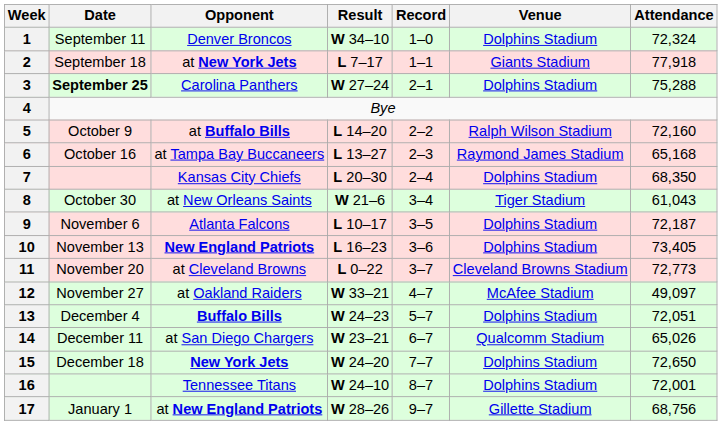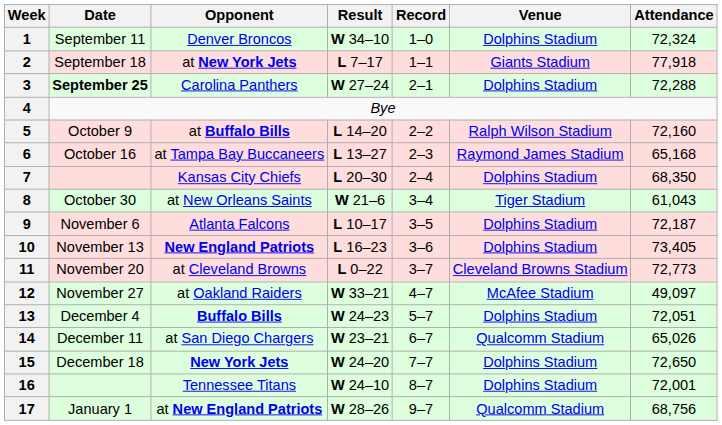 <table class="wikitable" style="text-align:center">
 <tr>
 <th>Week</th>
 <th>Date</th>
 <th>Opponent</th>
 <th>Result</th>
 <th>Record</th>
 <th>Venue</th>
 <th>Attendance</th>
 </tr>
 <tr style="background: #ddffdd;">
 <th>1</th>
 <td>September 11</td>
 <td><a href='#'>Denver Broncos</a></td>
 <td><strong>W</strong> 34–10</td>
 <td>1–0</td>
 <td><a href='#'>Dolphins Stadium</a></td>
 <td>72,324</td>
 </tr>
 <tr style="background: #ffdddd;">
 <th>2</th>
 <td>September 18</td>
 <td>at <strong><a href='#'>New York Jets</a></strong></td>
 <td><strong>L</strong> 7–17</td>
 <td>1–1</td>
 <td><a href='#'>Giants Stadium</a></td>
 <td>77,918</td>
 </tr>
 <tr style="background: #ddffdd;">
 <th>3</th>
 <td><strong>September 25</strong></td>
 <td><a href='#'>Carolina Panthers</a></td>
 <td><strong>W</strong> 27–24</td>
 <td>2–1</td>
 <td><a href='#'>Dolphins Stadium</a></td>
-<td>75,288</td>
+<td>72,288</td>
 </tr>
 <tr>
 <th>4</th>
 <td colspan=6 align="center"><em>Bye</em></td>
 </tr>
 <tr style="background: #ffdddd;">
 <th>5</th>
 <td>October 9</td>
 <td>at <strong><a href='#'>Buffalo Bills</a></strong></td>
 <td><strong>L</strong> 14–20</td>
 <td>2–2</td>
 <td><a href='#'>Ralph Wilson Stadium</a></td>
 <td>72,160</td>
 </tr>
 <tr style="background: #ffdddd;">
 <th>6</th>
 <td>October 16</td>
 <td>at <a href='#'>Tampa Bay Buccaneers</a></td>
 <td><strong>L</strong> 13–27</td>
 <td>2–3</td>
 <td><a href='#'>Raymond James Stadium</a></td>
 <td>65,168</td>
 </tr>
 <tr style="background: #ffdddd;">
 <th>7</th>
 <td></td>
 <td><a href='#'>Kansas City Chiefs</a></td>
 <td><strong>L</strong> 20–30</td>
 <td>2–4</td>
 <td><a href='#'>Dolphins Stadium</a></td>
 <td>68,350</td>
 </tr>
 <tr style="background: #ddffdd;">
 <th>8</th>
 <td>October 30</td>
 <td>at <a href='#'>New Orleans Saints</a></td>
 <td><strong>W</strong> 21–6</td>
 <td>3–4</td>
 <td><a href='#'>Tiger Stadium</a></td>
 <td>61,043</td>
 </tr>
 <tr style="background: #ffdddd;">
 <th>9</th>
 <td>November 6</td>
 <td><a href='#'>Atlanta Falcons</a></td>
 <td><strong>L</strong> 10–17</td>
 <td>3–5</td>
 <td><a href='#'>Dolphins Stadium</a></td>
 <td>72,187</td>
 </tr>
 <tr style="background: #ffdddd;">
 <th>10</th>
 <td>November 13</td>
 <td><strong><a href='#'>New England Patriots</a></strong></td>
 <td><strong>L</strong> 16–23</td>
 <td>3–6</td>
 <td><a href='#'>Dolphins Stadium</a></td>
 <td>73,405</td>
 </tr>
 <tr style="background: #ffdddd;">
 <th>11</th>
 <td>November 20</td>
 <td>at <a href='#'>Cleveland Browns</a></td>
 <td><strong>L</strong> 0–22</td>
 <td>3–7</td>
 <td><a href='#'>Cleveland Browns Stadium</a></td>
 <td>72,773</td>
 </tr>
 <tr style="background: #ddffdd;">
 <th>12</th>
 <td>November 27</td>
 <td>at <a href='#'>Oakland Raiders</a></td>
 <td><strong>W</strong> 33–21</td>
 <td>4–7</td>
 <td><a href='#'>McAfee Stadium</a></td>
 <td>49,097</td>
 </tr>
 <tr style="background: #ddffdd;">
 <th>13</th>
 <td>December 4</td>
 <td><strong><a href='#'>Buffalo Bills</a></strong></td>
 <td><strong>W</strong> 24–23</td>
 <td>5–7</td>
 <td><a href='#'>Dolphins Stadium</a></td>
 <td style="text-align:center">72,051</td>
 </tr>
 <tr style="background: #ddffdd;">
 <th>14</th>
 <td>December 11</td>
 <td>at <a href='#'>San Diego Chargers</a></td>
 <td><strong>W</strong> 23–21</td>
 <td>6–7</td>
 <td><a href='#'>Qualcomm Stadium</a></td>
 <td>65,026</td>
 </tr>
 <tr style="background: #ddffdd;">
 <th>15</th>
 <td>December 18</td>
 <td><strong><a href='#'>New York Jets</a></strong></td>
 <td><strong>W</strong> 24–20</td>
 <td>7–7</td>
 <td><a href='#'>Dolphins Stadium</a></td>
 <td>72,650</td>
 </tr>
 <tr style="background: #ddffdd;">
 <th>16</th>
 <td></td>
 <td><a href='#'>Tennessee Titans</a></td>
 <td><strong>W</strong> 24–10</td>
 <td>8–7</td>
 <td><a href='#'>Dolphins Stadium</a></td>
 <td style="text-align:center">72,001</td>
 </tr>
 <tr style="background: #ddffdd;">
 <th>17</th>
 <td>January 1</td>
 <td>at <strong><a href='#'>New England Patriots</a></strong></td>
 <td><strong>W</strong> 28–26</td>
 <td>9–7</td>
-<td><a href='#'>Gillette Stadium</a></td>
+<td><a href='#'>Qualcomm Stadium</a></td>
 <td>68,756</td>
 </tr>
 </table>
